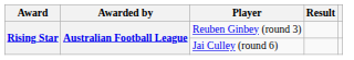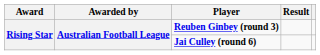 <table class="wikitable plainrowheaders sortable">
 <tr>
 <th scope="col">Award</th>
 <th scope="col">Awarded by</th>
 <th scope="col">Player</th>
 <th scope="col">Result</th>
 <th class="unsortable"></th>
 </tr>
 <tr>
 <th scope="row" rowspan=2><a href='#'>Rising Star</a></th>
 <th scope="row" rowspan=2><a href='#'>Australian Football League</a></th>
-<td><a href='#'>Reuben Ginbey</a> (round 3)</td>
+<td><strong><a href='#'>Reuben Ginbey</a> (round 3)</strong></td>
 <td></td>
 <td></td>
 </tr>
 <tr>
-<td><a href='#'>Jai Culley</a> (round 6)</td>
+<td><strong><a href='#'>Jai Culley</a> (round 6)</strong></td>
 <td></td>
 <td></td>
 </tr>
 </table>
